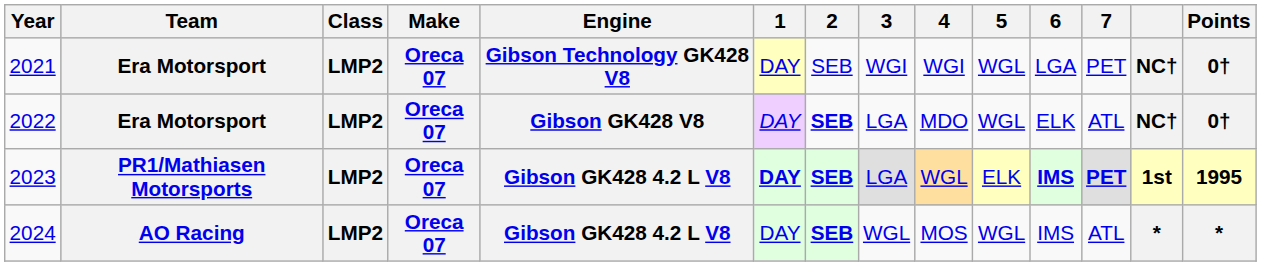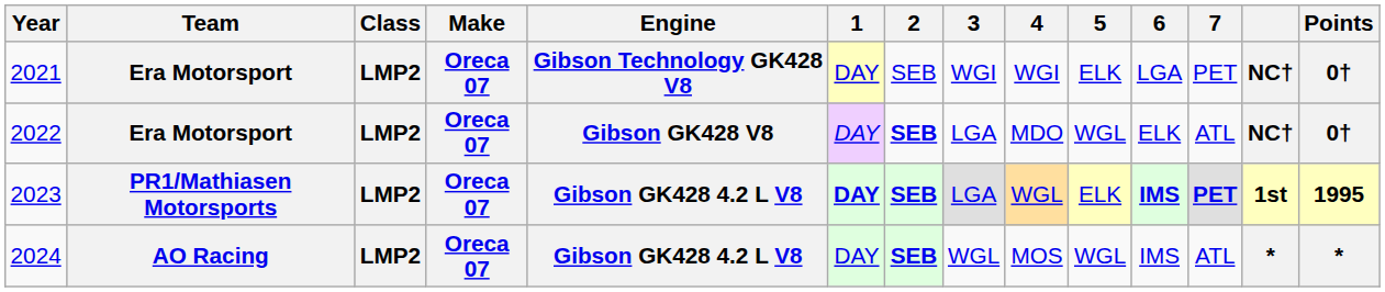 <table class="wikitable" style="text-align:center; font-size:90%">
 <tr>
 <th>Year</th>
 <th>Team</th>
 <th>Class</th>
 <th>Make</th>
 <th>Engine</th>
 <th>1</th>
 <th>2</th>
 <th>3</th>
 <th>4</th>
 <th>5</th>
 <th>6</th>
 <th>7</th>
 <th></th>
 <th>Points</th>
 </tr>
 <tr>
 <td><a href='#'>2021</a></td>
 <th>Era Motorsport</th>
 <th>LMP2</th>
 <th><a href='#'>Oreca 07</a></th>
 <th><a href='#'>Gibson Technology</a> GK428 <a href='#'>V8</a></th>
 <td style="background:#FFFFBF;"><a href='#'>DAY</a><br></td>
 <td><a href='#'>SEB</a></td>
 <td><a href='#'>WGI</a></td>
 <td><a href='#'>WGI</a></td>
-<td><a href='#'>WGL</a></td>
+<td><a href='#'>ELK</a></td>
 <td><a href='#'>LGA</a></td>
 <td><a href='#'>PET</a></td>
 <th>NC†</th>
 <th>0†</th>
 </tr>
 <tr>
 <td><a href='#'>2022</a></td>
 <th>Era Motorsport</th>
 <th>LMP2</th>
 <th><a href='#'>Oreca 07</a></th>
 <th><a href='#'>Gibson</a> GK428 V8</th>
 <td style="background:#EFCFFF"><em><a href='#'>DAY</a></em><br></td>
 <td><strong><a href='#'>SEB</a></strong></td>
 <td><a href='#'>LGA</a></td>
 <td><a href='#'>MDO</a></td>
 <td><a href='#'>WGL</a></td>
 <td><a href='#'>ELK</a></td>
 <td><a href='#'>ATL</a></td>
 <th>NC†</th>
 <th>0†</th>
 </tr>
 <tr>
 <td><a href='#'>2023</a></td>
 <th><a href='#'>PR1/Mathiasen Motorsports</a></th>
 <th>LMP2</th>
 <th><a href='#'>Oreca 07</a></th>
 <th><a href='#'>Gibson</a> GK428 4.2 L <a href='#'>V8</a></th>
 <td style="background:#DFFFDF;"><strong><a href='#'>DAY</a></strong><br></td>
 <td style="background:#DFFFDF;"><strong><a href='#'>SEB</a></strong><br></td>
 <td style="background:#DFDFDF;"><a href='#'>LGA</a><br></td>
 <td style="background:#FFDF9F;"><a href='#'>WGL</a><br></td>
 <td style="background:#FFFFBF;"><a href='#'>ELK</a><br></td>
 <td style="background:#DFFFDF;"><a href='#'><strong>IMS</strong></a><br></td>
 <td style="background:#DFDFDF;"><a href='#'><strong>PET</strong></a><br></td>
 <th style="background:#FFFFBF;">1st</th>
 <th style="background:#FFFFBF;">1995</th>
 </tr>
 <tr>
 <td><a href='#'>2024</a></td>
 <th><a href='#'>AO Racing</a></th>
 <th>LMP2</th>
 <th><a href='#'>Oreca 07</a></th>
 <th><a href='#'>Gibson</a> GK428 4.2 L <a href='#'>V8</a></th>
 <td style="background:#DFFFDF;"><a href='#'>DAY</a><br></td>
 <td style="background:#DFFFDF;"><strong><a href='#'>SEB</a></strong><br></td>
 <td><a href='#'>WGL</a></td>
 <td><a href='#'>MOS</a></td>
 <td><a href='#'>WGL</a></td>
 <td><a href='#'>IMS</a></td>
 <td><a href='#'>ATL</a></td>
 <th>*</th>
 <th>*</th>
 </tr>
 </table>
